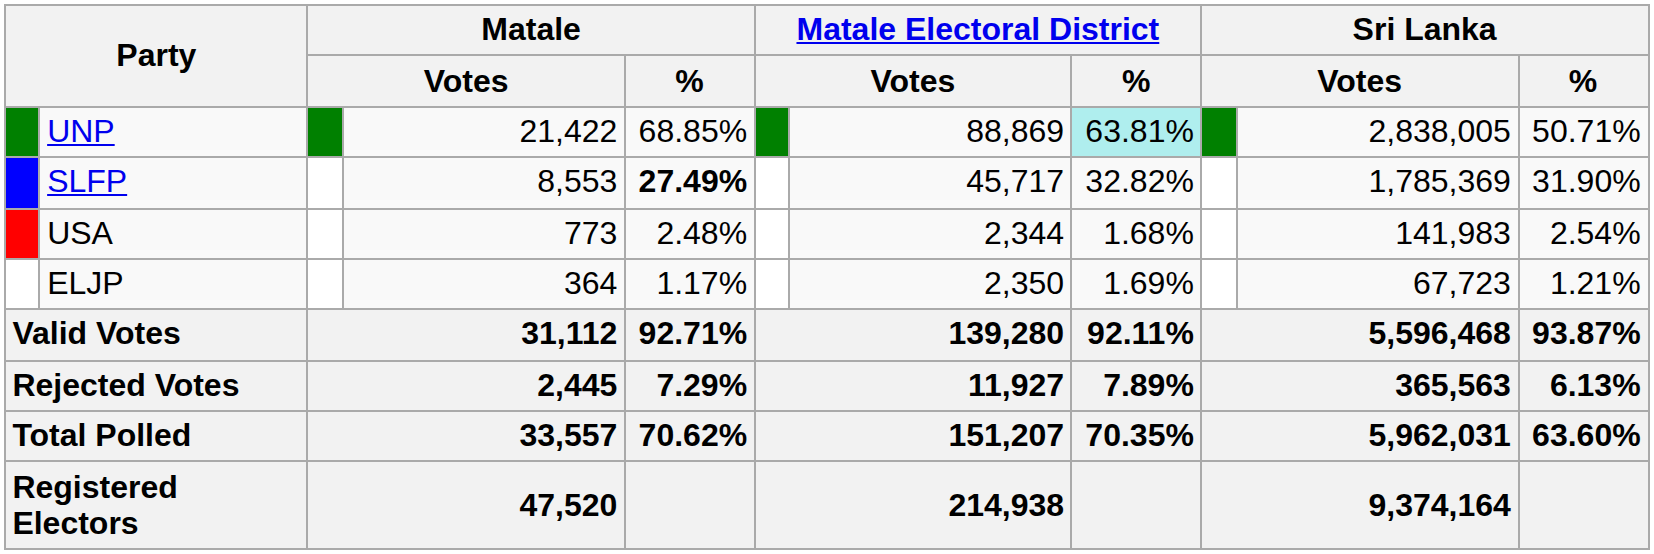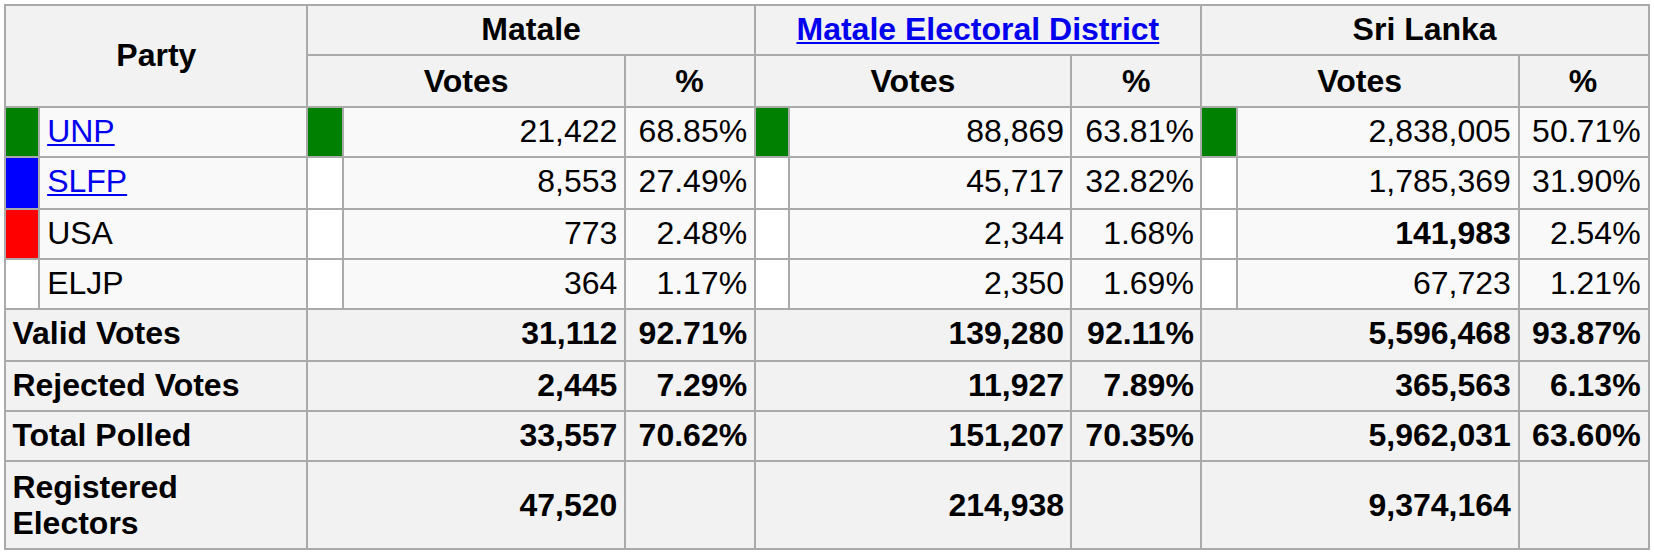 <table class="wikitable">
 <tr>
 <th colspan="2" width="144px"rowspan="2">Party</th>
 <th colspan="3" width="216px">Matale</th>
 <th colspan="3" width="216px"><a href='#'>Matale Electoral District</a></th>
 <th colspan="3" width="216px">Sri Lanka</th>
 </tr>
 <tr>
 <th colspan="2" width="144px">Votes</th>
 <th>%</th>
 <th colspan="2" width="144px">Votes</th>
 <th>%</th>
 <th colspan="2" width="144px">Votes</th>
 <th>%</th>
 </tr>
 <tr>
 <td style="background-color:green;" width="10px"></td>
 <td style="text-align:left;"><a href='#'>UNP</a></td>
 <td style="background-color:green;" width="10px"></td>
 <td style="text-align:right;">21,422</td>
 <td style="text-align:right;">68.85%</td>
 <td style="background-color:green;" width="10px"></td>
 <td style="text-align:right;">88,869</td>
-<td style="background: paleturquoise; text-align:right;">63.81%</td>
+<td style="text-align:right;">63.81%</td>
 <td style="background-color:green;" width="10px"></td>
 <td style="text-align:right;">2,838,005</td>
 <td style="text-align:right;">50.71%</td>
 </tr>
 <tr>
 <td style="background-color:blue;" width="10px"></td>
 <td style="text-align:left;"><a href='#'>SLFP</a></td>
 <td style="background-color:white;" width="10px"></td>
 <td style="text-align:right;">8,553</td>
-<td style="text-align:right;"><strong>27.49%</strong></td>
+<td style="text-align:right;">27.49%</td>
 <td style="background-color:white;" width="10px"></td>
 <td style="text-align:right;">45,717</td>
 <td style="text-align:right;">32.82%</td>
 <td style="background-color:white;" width="10px"></td>
 <td style="text-align:right;">1,785,369</td>
 <td style="text-align:right;">31.90%</td>
 </tr>
 <tr>
 <td style="background-color:red;" width="10px"></td>
 <td style="text-align:left;">USA</td>
 <td style="background-color:white;" width="10px"></td>
 <td style="text-align:right;">773</td>
 <td style="text-align:right;">2.48%</td>
 <td style="background-color:white;" width="10px"></td>
 <td style="text-align:right;">2,344</td>
 <td style="text-align:right;">1.68%</td>
 <td style="background-color:white;" width="10px"></td>
-<td style="text-align:right;">141,983</td>
+<td style="text-align:right;"><strong>141,983</strong></td>
 <td style="text-align:right;">2.54%</td>
 </tr>
 <tr>
 <td style="background-color:white;" width="10px"></td>
 <td style="text-align:left;">ELJP</td>
 <td style="background-color:white;" width="10px"></td>
 <td style="text-align:right;">364</td>
 <td style="text-align:right;">1.17%</td>
 <td style="background-color:white;" width="10px"></td>
 <td style="text-align:right;">2,350</td>
 <td style="text-align:right;">1.69%</td>
 <td style="background-color:white;" width="10px"></td>
 <td style="text-align:right;">67,723</td>
 <td style="text-align:right;">1.21%</td>
 </tr>
 <tr>
 <th colspan="2" width="144px"style="text-align:left;">Valid Votes</th>
 <th style="text-align:right;"colspan="2" width="144px">31,112</th>
 <th style="text-align:right;">92.71%</th>
 <th style="text-align:right;"colspan="2" width="144px">139,280</th>
 <th style="text-align:right;">92.11%</th>
 <th style="text-align:right;"colspan="2" width="144px">5,596,468</th>
 <th style="text-align:right;">93.87%</th>
 </tr>
 <tr>
 <th colspan="2" width="144px"style="text-align:left;">Rejected Votes</th>
 <th style="text-align:right;"colspan="2" width="144px">2,445</th>
 <th style="text-align:right;">7.29%</th>
 <th style="text-align:right;"colspan="2" width="144px">11,927</th>
 <th style="text-align:right;">7.89%</th>
 <th style="text-align:right;"colspan="2" width="144px">365,563</th>
 <th style="text-align:right;">6.13%</th>
 </tr>
 <tr>
 <th colspan="2" width="144px"style="text-align:left;">Total Polled</th>
 <th style="text-align:right;"colspan="2" width="144px">33,557</th>
 <th style="text-align:right;">70.62%</th>
 <th style="text-align:right;"colspan="2" width="144px">151,207</th>
 <th style="text-align:right;">70.35%</th>
 <th style="text-align:right;"colspan="2" width="144px">5,962,031</th>
 <th style="text-align:right;">63.60%</th>
 </tr>
 <tr>
 <th colspan="2" width="144px"style="text-align:left;">Registered Electors</th>
 <th style="text-align:right;"colspan="2" width="144px">47,520</th>
 <th></th>
 <th style="text-align:right;"colspan="2" width="144px">214,938</th>
 <th></th>
 <th style="text-align:right;"colspan="2" width="144px">9,374,164</th>
 <th></th>
 </tr>
 </table>
